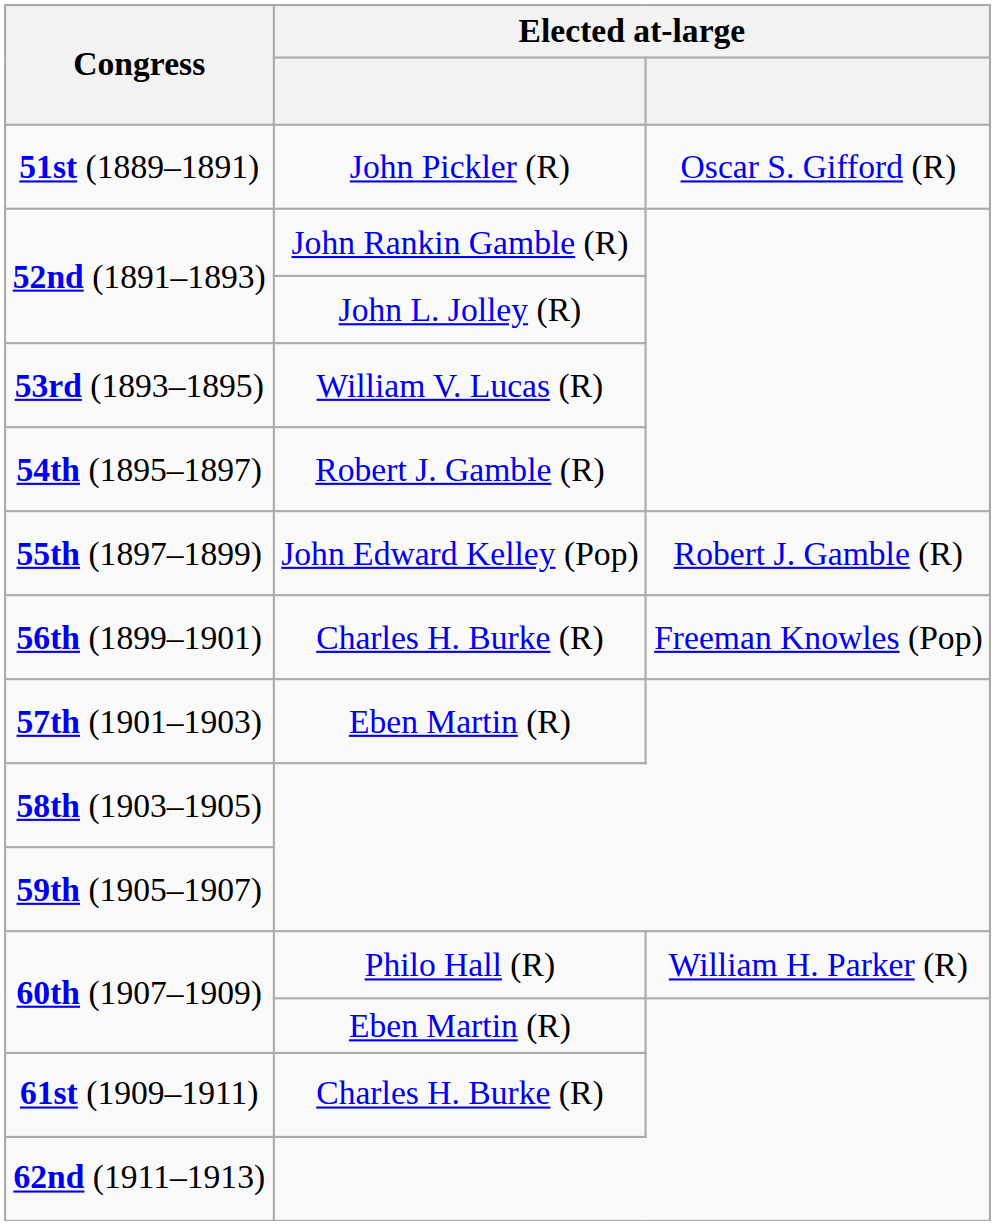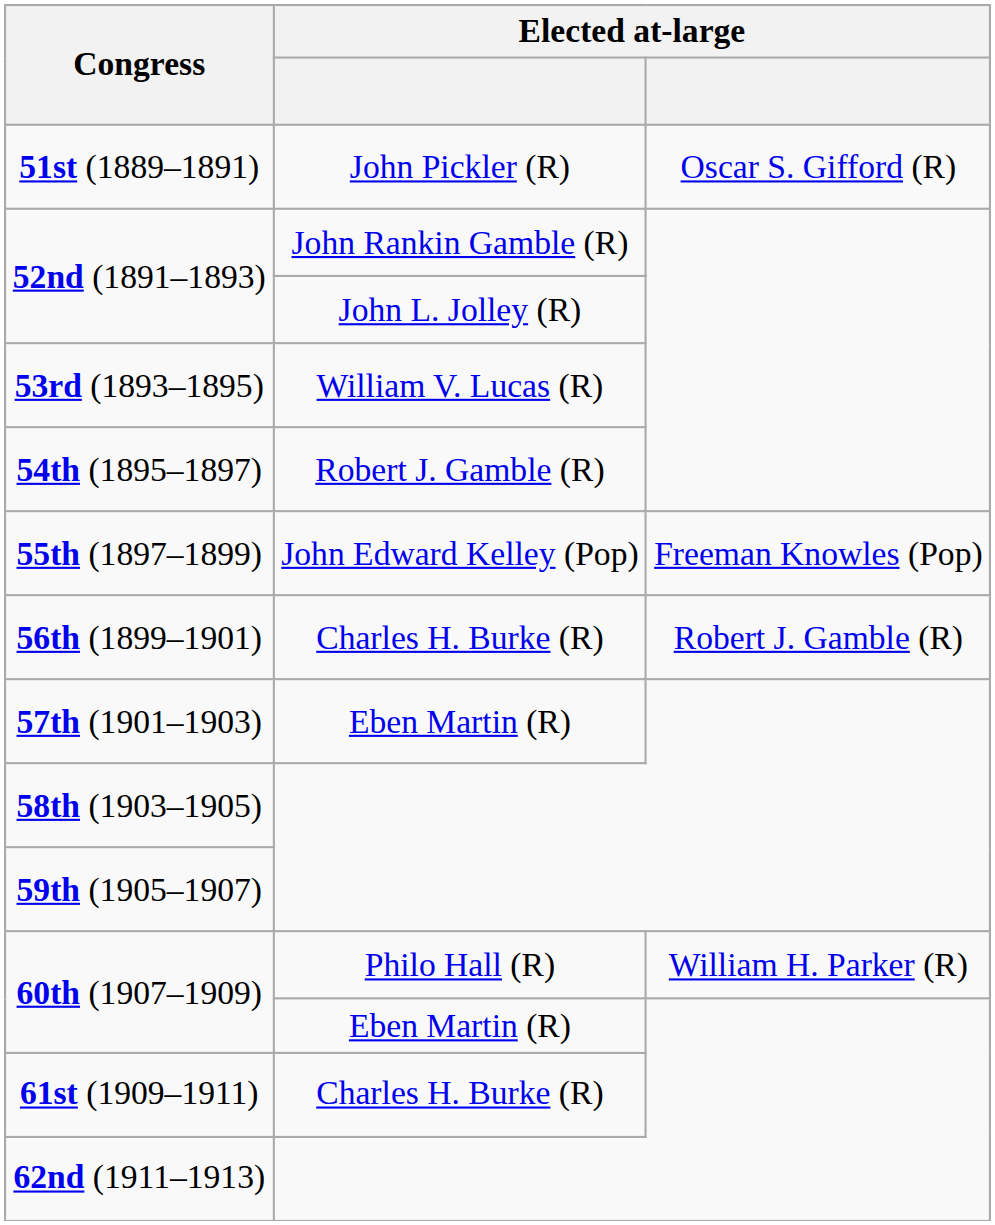 <table class=wikitable style="text-align:center">
 <tr>
 <th rowspan=2>Congress</th>
 <th colspan=2>Elected at-large</th>
 </tr>
 <tr style="height:2em">
 <th></th>
 <th></th>
 </tr>
 <tr style="height:2.5em">
 <td><strong><a href='#'>51st</a></strong> (1889–1891)</td>
 <td><a href='#'>John Pickler</a> (R)</td>
 <td><a href='#'>Oscar S. Gifford</a> (R)</td>
 </tr>
 <tr style="height:2em">
 <td rowspan=2><strong><a href='#'>52nd</a></strong> (1891–1893)</td>
 <td><a href='#'>John Rankin Gamble</a> (R)</td>
 </tr>
 <tr style="height:2em">
 <td><a href='#'>John L. Jolley</a> (R)</td>
 </tr>
 <tr style="height:2.5em">
 <td><strong><a href='#'>53rd</a></strong> (1893–1895)</td>
 <td><a href='#'>William V. Lucas</a> (R)</td>
 </tr>
 <tr style="height:2.5em">
 <td><strong><a href='#'>54th</a></strong> (1895–1897)</td>
 <td><a href='#'>Robert J. Gamble</a> (R)</td>
 </tr>
 <tr style="height:2.5em">
 <td><strong><a href='#'>55th</a></strong> (1897–1899)</td>
 <td><a href='#'>John Edward Kelley</a> (Pop)</td>
-<td><a href='#'>Robert J. Gamble</a> (R)</td>
+<td><a href='#'>Freeman Knowles</a> (Pop)</td>
 </tr>
 <tr style="height:2.5em">
 <td><strong><a href='#'>56th</a></strong> (1899–1901)</td>
 <td><a href='#'>Charles H. Burke</a> (R)</td>
-<td><a href='#'>Freeman Knowles</a> (Pop)</td>
+<td><a href='#'>Robert J. Gamble</a> (R)</td>
 </tr>
 <tr style="height:2.5em">
 <td><strong><a href='#'>57th</a></strong> (1901–1903)</td>
 <td><a href='#'>Eben Martin</a> (R)</td>
 </tr>
 <tr style="height:2.5em">
 <td><strong><a href='#'>58th</a></strong> (1903–1905)</td>
 </tr>
 <tr style="height:2.5em">
 <td><strong><a href='#'>59th</a></strong> (1905–1907)</td>
 </tr>
 <tr style="height:2em">
 <td rowspan=2><strong><a href='#'>60th</a></strong> (1907–1909)</td>
 <td><a href='#'>Philo Hall</a> (R)</td>
 <td><a href='#'>William H. Parker</a> (R)</td>
 </tr>
 <tr style="height:1.25em">
 <td><a href='#'>Eben Martin</a> (R)</td>
 </tr>
 <tr style="height:2.5em">
 <td><strong><a href='#'>61st</a></strong> (1909–1911)</td>
 <td><a href='#'>Charles H. Burke</a> (R)</td>
 </tr>
 <tr style="height:2.5em">
 <td><strong><a href='#'>62nd</a></strong> (1911–1913)</td>
 </tr>
 </table>
